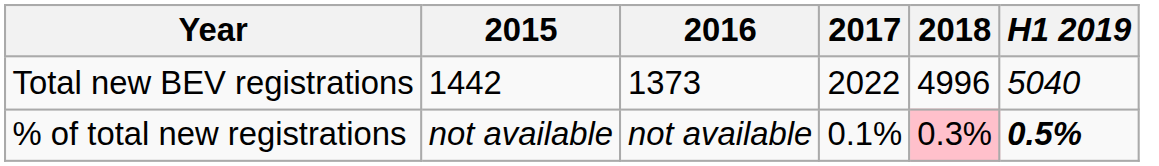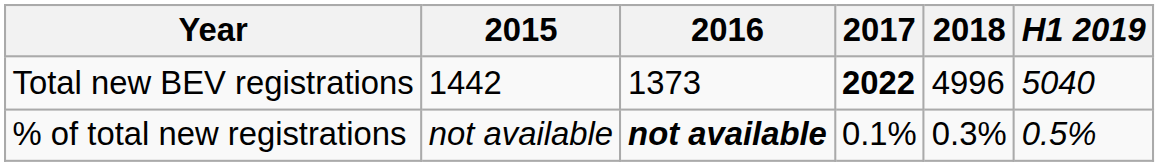 <table class="wikitable">
 <tr>
 <th>Year</th>
 <th>2015</th>
 <th>2016</th>
 <th>2017</th>
 <th>2018</th>
 <th><em>H1 2019</em></th>
 </tr>
 <tr>
 <td>Total new BEV registrations</td>
 <td>1442</td>
 <td>1373</td>
-<td>2022</td>
+<td><strong>2022</strong></td>
 <td>4996</td>
 <td><em>5040</em></td>
 </tr>
 <tr>
 <td>% of total new registrations</td>
 <td><em>not available</em></td>
-<td><em>not available</em></td>
+<td><strong><em>not available</em></strong></td>
 <td>0.1%</td>
-<td style="background: pink;">0.3%</td>
-<td><strong><em>0.5%</em></strong></td>
+<td>0.3%</td>
+<td><em>0.5%</em></td>
 </tr>
 </table>
